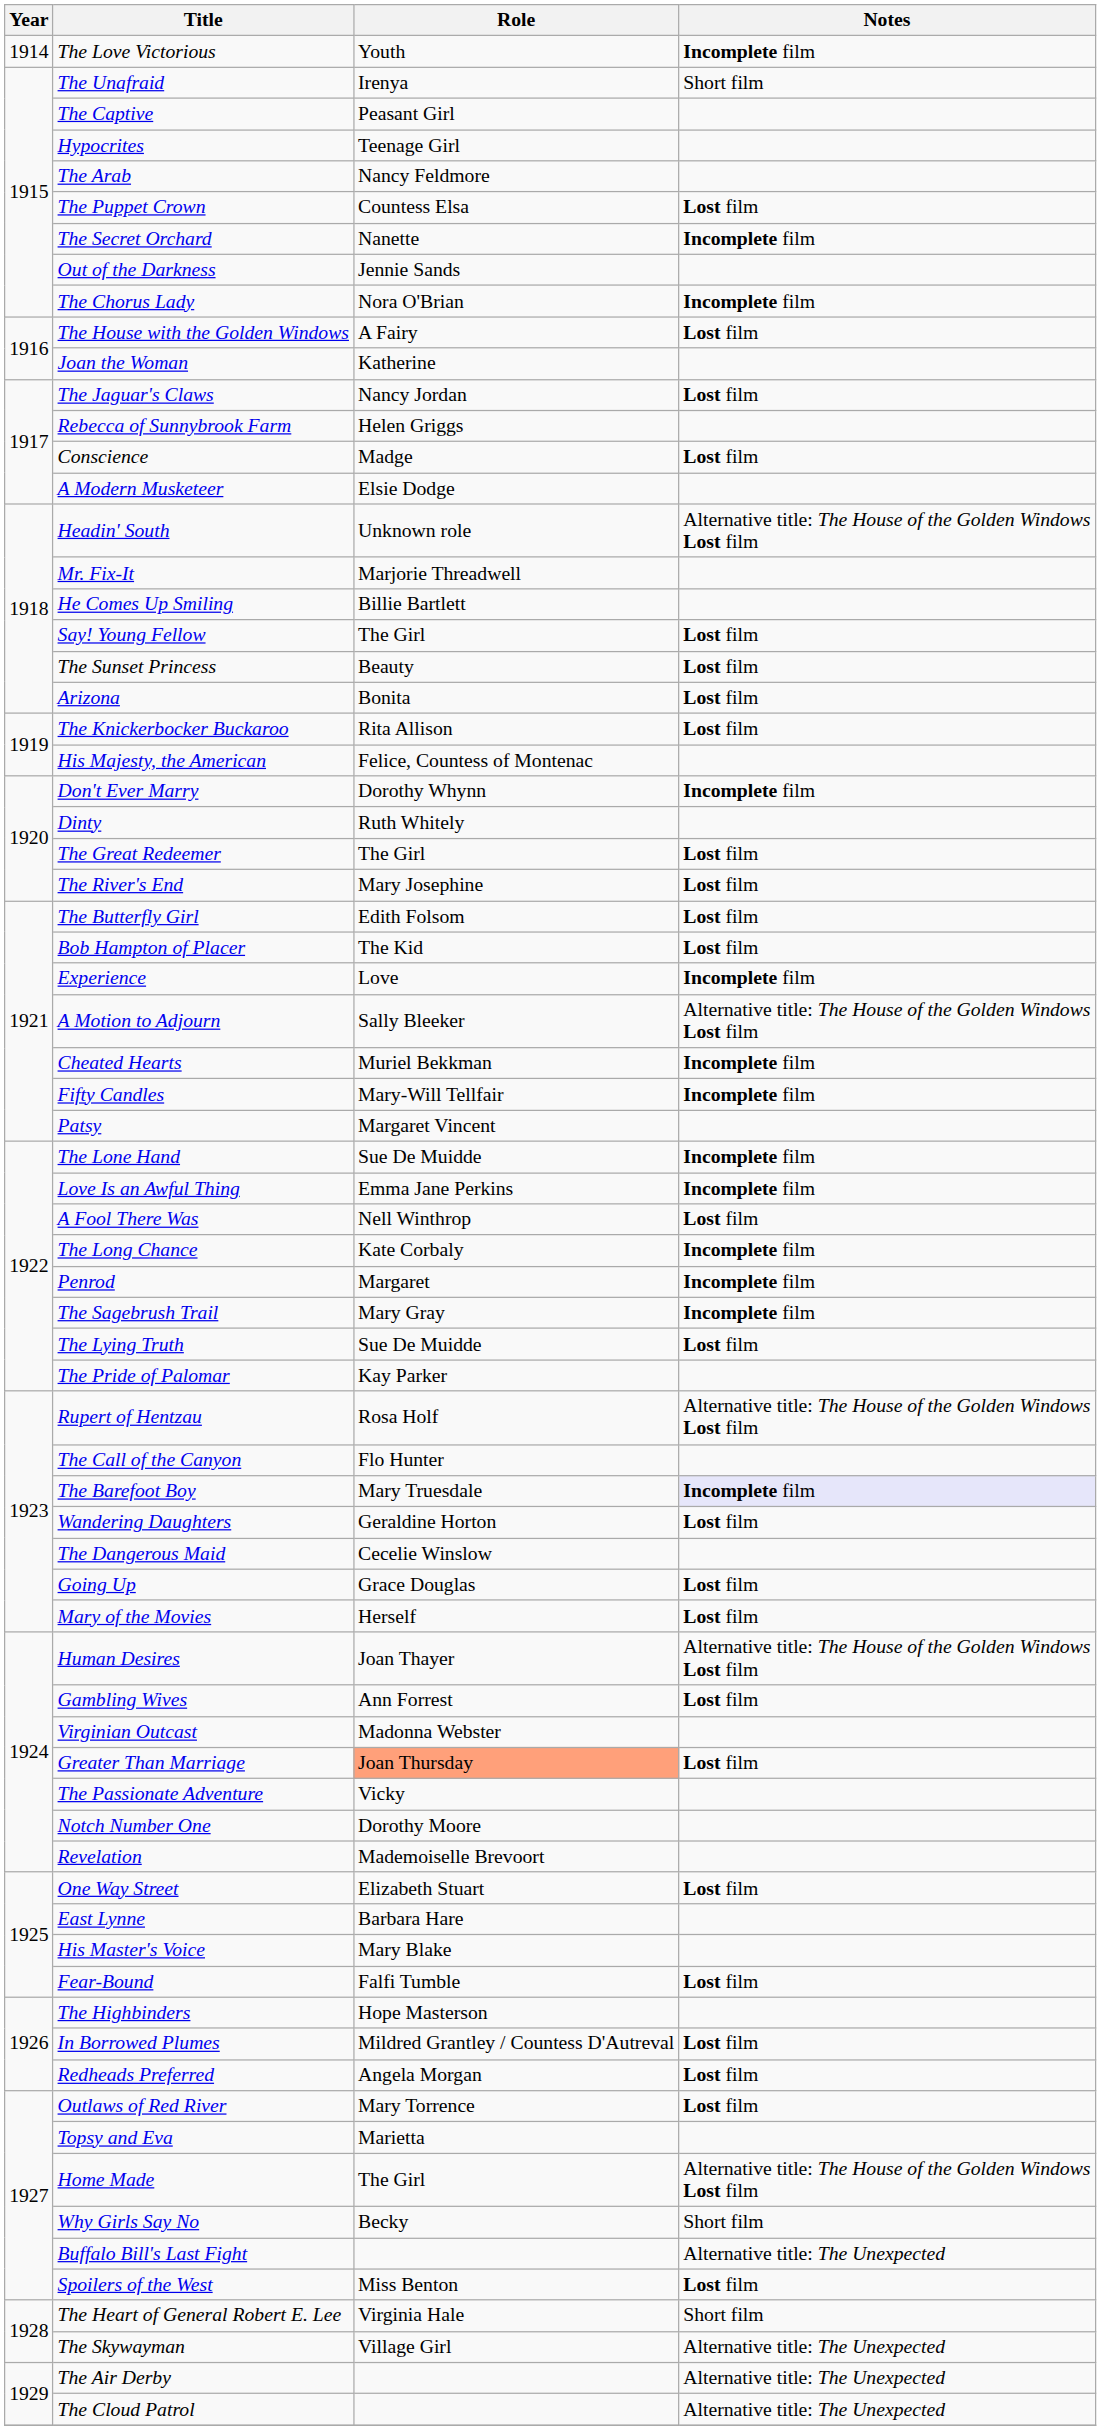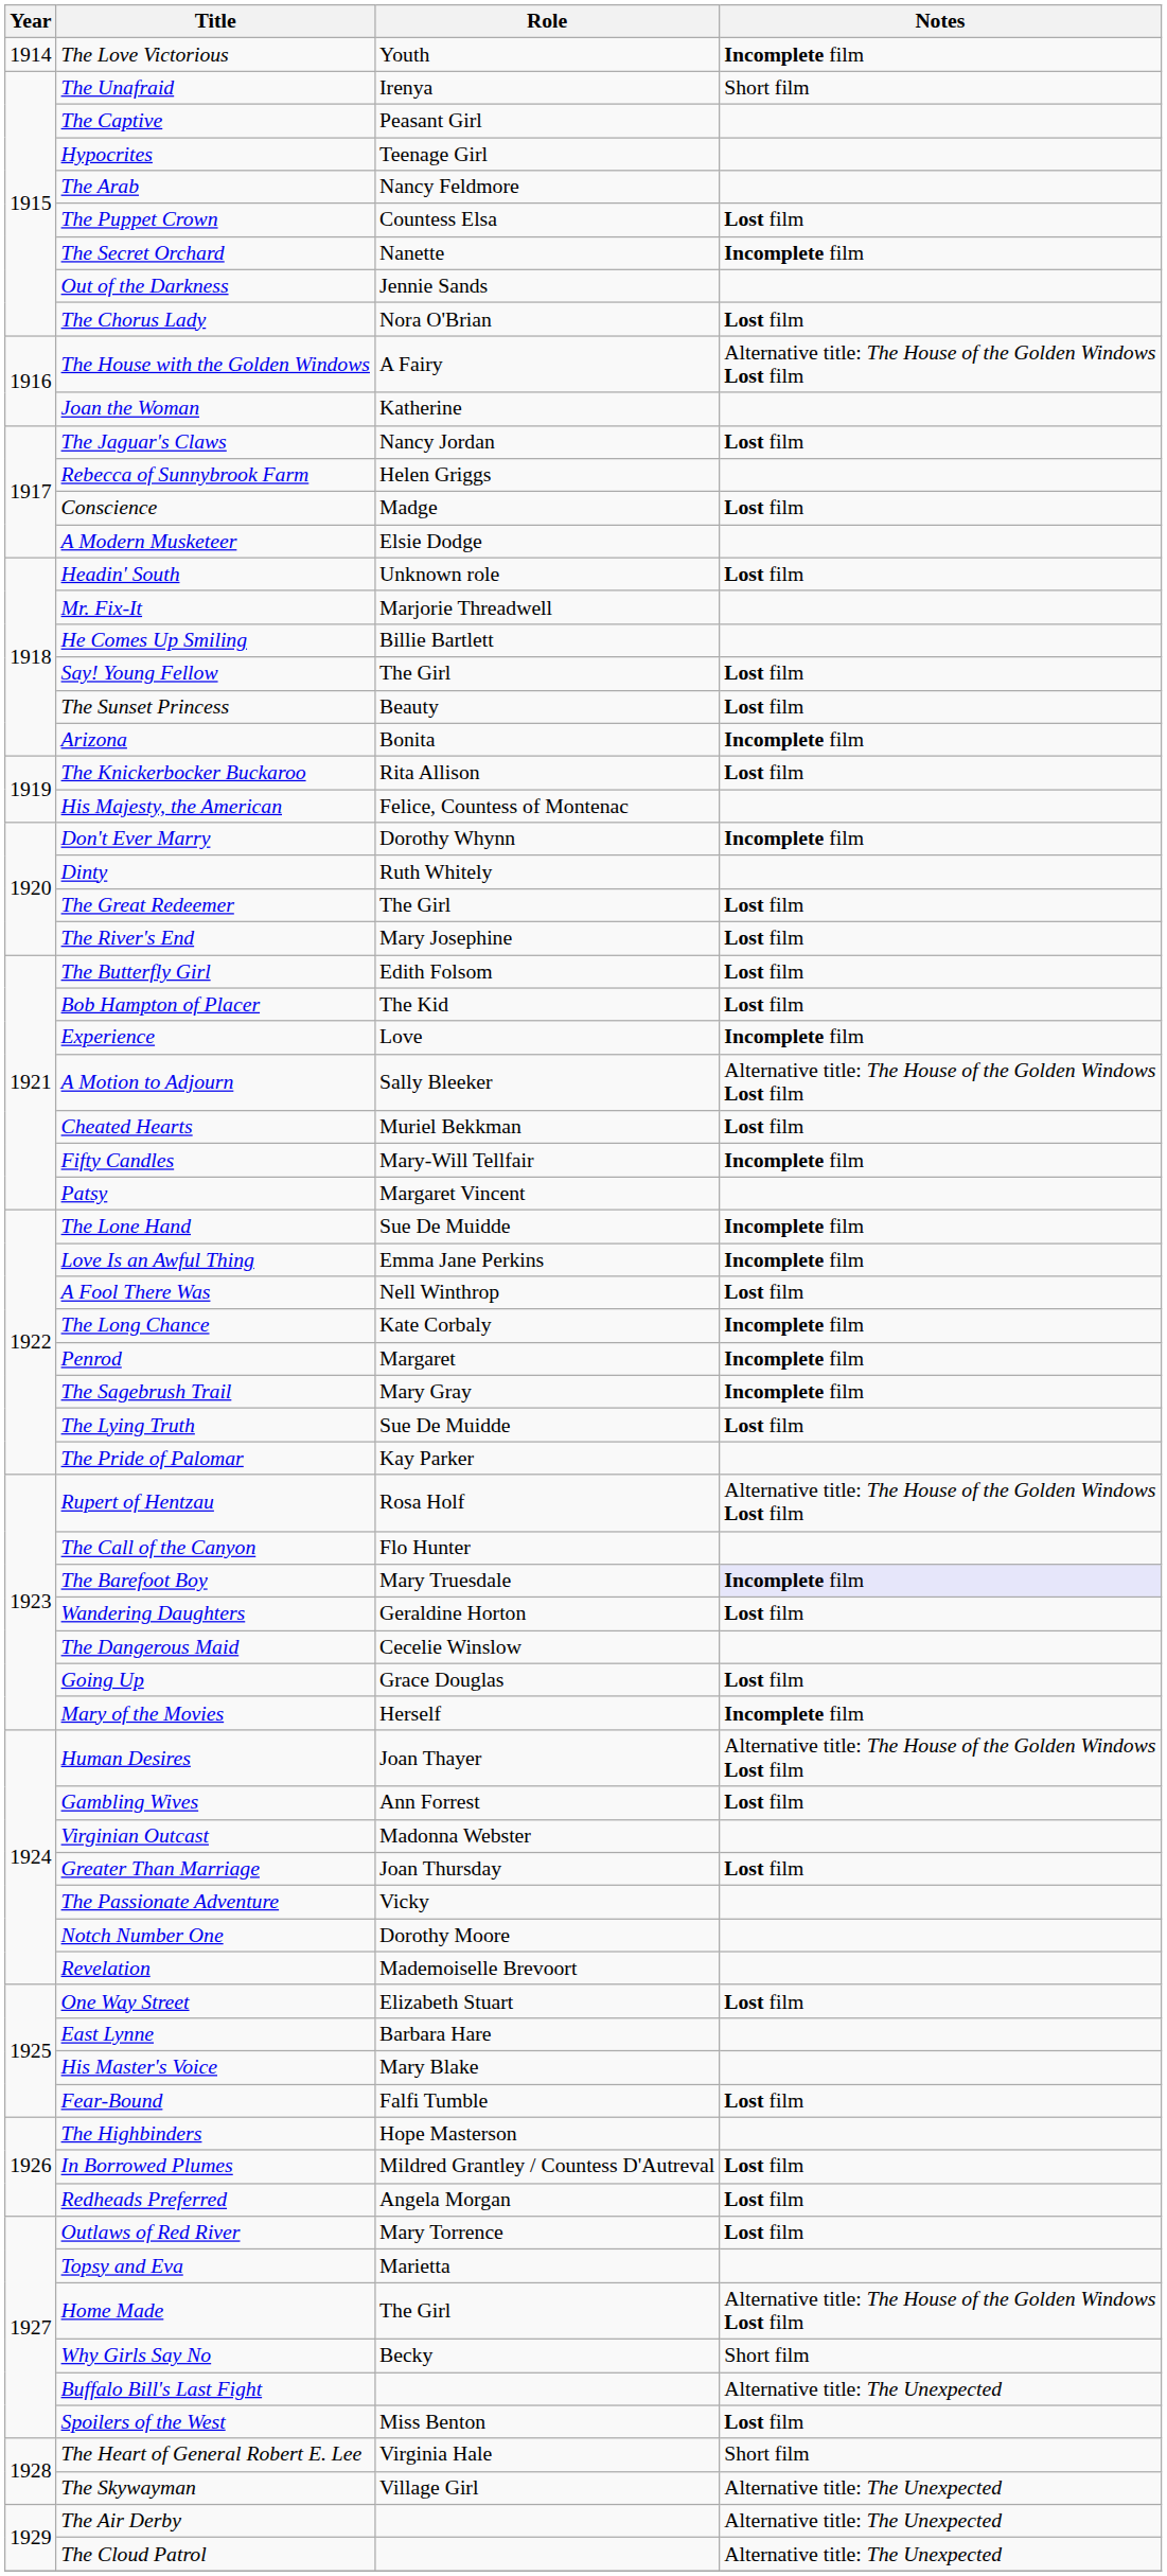 <table class="wikitable">
 <tr>
 <th>Year</th>
 <th>Title</th>
 <th>Role</th>
 <th>Notes</th>
 </tr>
 <tr>
 <td>1914</td>
 <td><em>The Love Victorious</em></td>
 <td>Youth</td>
 <td><strong>Incomplete</strong> film</td>
 </tr>
 <tr>
 <td rowspan=8>1915</td>
 <td><em><a href='#'>The Unafraid</a></em></td>
 <td>Irenya</td>
 <td>Short film</td>
 </tr>
 <tr>
 <td><em><a href='#'>The Captive</a></em></td>
 <td>Peasant Girl</td>
 <td></td>
 </tr>
 <tr>
 <td><em><a href='#'>Hypocrites</a></em></td>
 <td>Teenage Girl</td>
 <td></td>
 </tr>
 <tr>
 <td><em><a href='#'>The Arab</a></em></td>
 <td>Nancy Feldmore</td>
 <td></td>
 </tr>
 <tr>
 <td><em><a href='#'>The Puppet Crown</a></em></td>
 <td>Countess Elsa</td>
 <td><strong>Lost</strong> film</td>
 </tr>
 <tr>
 <td><em><a href='#'>The Secret Orchard</a></em></td>
 <td>Nanette</td>
 <td><strong>Incomplete</strong> film</td>
 </tr>
 <tr>
 <td><em><a href='#'>Out of the Darkness</a></em></td>
 <td>Jennie Sands</td>
 <td></td>
 </tr>
 <tr>
 <td><em><a href='#'>The Chorus Lady</a></em></td>
 <td>Nora O'Brian</td>
-<td><strong>Incomplete</strong> film</td>
+<td><strong>Lost</strong> film</td>
 </tr>
 <tr>
 <td rowspan=2>1916</td>
 <td><em><a href='#'>The House with the Golden Windows</a></em></td>
 <td>A Fairy</td>
-<td><strong>Lost</strong> film</td>
+<td>Alternative title: <em>The House of the Golden Windows</em> <br> <strong>Lost</strong> film</td>
 </tr>
 <tr>
 <td><em><a href='#'>Joan the Woman</a></em></td>
 <td>Katherine</td>
 <td></td>
 </tr>
 <tr>
 <td rowspan=4>1917</td>
 <td><em><a href='#'>The Jaguar's Claws</a></em></td>
 <td>Nancy Jordan</td>
 <td><strong>Lost</strong> film</td>
 </tr>
 <tr>
 <td><em><a href='#'>Rebecca of Sunnybrook Farm</a></em></td>
 <td>Helen Griggs</td>
 <td></td>
 </tr>
 <tr>
 <td><em>Conscience</em></td>
 <td>Madge</td>
 <td><strong>Lost</strong> film</td>
 </tr>
 <tr>
 <td><em><a href='#'>A Modern Musketeer</a></em></td>
 <td>Elsie Dodge</td>
 <td></td>
 </tr>
 <tr>
 <td rowspan=6>1918</td>
 <td><em><a href='#'>Headin' South</a></em></td>
 <td>Unknown role</td>
-<td>Alternative title: <em>The House of the Golden Windows</em> <br> <strong>Lost</strong> film</td>
+<td><strong>Lost</strong> film</td>
 </tr>
 <tr>
 <td><em><a href='#'>Mr. Fix-It</a></em></td>
 <td>Marjorie Threadwell</td>
 <td></td>
 </tr>
 <tr>
 <td><em><a href='#'>He Comes Up Smiling</a></em></td>
 <td>Billie Bartlett</td>
 <td></td>
 </tr>
 <tr>
 <td><em><a href='#'>Say! Young Fellow</a></em></td>
 <td>The Girl</td>
 <td><strong>Lost</strong> film</td>
 </tr>
 <tr>
 <td><em>The Sunset Princess</em></td>
 <td>Beauty</td>
 <td><strong>Lost</strong> film</td>
 </tr>
 <tr>
 <td><em><a href='#'>Arizona</a></em></td>
 <td>Bonita</td>
-<td><strong>Lost</strong> film</td>
+<td><strong>Incomplete</strong> film</td>
 </tr>
 <tr>
 <td rowspan=2>1919</td>
 <td><em><a href='#'>The Knickerbocker Buckaroo</a></em></td>
 <td>Rita Allison</td>
 <td><strong>Lost</strong> film</td>
 </tr>
 <tr>
 <td><em><a href='#'>His Majesty, the American</a></em></td>
 <td>Felice, Countess of Montenac</td>
 <td></td>
 </tr>
 <tr>
 <td rowspan=4>1920</td>
 <td><em><a href='#'>Don't Ever Marry</a></em></td>
 <td>Dorothy Whynn</td>
 <td><strong>Incomplete</strong> film</td>
 </tr>
 <tr>
 <td><em><a href='#'>Dinty</a></em></td>
 <td>Ruth Whitely</td>
 <td></td>
 </tr>
 <tr>
 <td><em><a href='#'>The Great Redeemer</a></em></td>
 <td>The Girl</td>
 <td><strong>Lost</strong> film</td>
 </tr>
 <tr>
 <td><em><a href='#'>The River's End</a></em></td>
 <td>Mary Josephine</td>
 <td><strong>Lost</strong> film</td>
 </tr>
 <tr>
 <td rowspan=7>1921</td>
 <td><em><a href='#'>The Butterfly Girl</a></em></td>
 <td>Edith Folsom</td>
 <td><strong>Lost</strong> film</td>
 </tr>
 <tr>
 <td><em><a href='#'>Bob Hampton of Placer</a></em></td>
 <td>The Kid</td>
 <td><strong>Lost</strong> film</td>
 </tr>
 <tr>
 <td><em><a href='#'>Experience</a></em></td>
 <td>Love</td>
 <td><strong>Incomplete</strong> film</td>
 </tr>
 <tr>
 <td><em><a href='#'>A Motion to Adjourn</a></em></td>
 <td>Sally Bleeker</td>
 <td>Alternative title: <em>The House of the Golden Windows</em> <br> <strong>Lost</strong> film</td>
 </tr>
 <tr>
 <td><em><a href='#'>Cheated Hearts</a></em></td>
 <td>Muriel Bekkman</td>
-<td><strong>Incomplete</strong> film</td>
+<td><strong>Lost</strong> film</td>
 </tr>
 <tr>
 <td><em><a href='#'>Fifty Candles</a></em></td>
 <td>Mary-Will Tellfair</td>
 <td><strong>Incomplete</strong> film</td>
 </tr>
 <tr>
 <td><em><a href='#'>Patsy</a></em></td>
 <td>Margaret Vincent</td>
 <td></td>
 </tr>
 <tr>
 <td rowspan=8>1922</td>
 <td><em><a href='#'>The Lone Hand</a></em></td>
 <td>Sue De Muidde</td>
 <td><strong>Incomplete</strong> film</td>
 </tr>
 <tr>
 <td><em><a href='#'>Love Is an Awful Thing</a></em></td>
 <td>Emma Jane Perkins</td>
 <td><strong>Incomplete</strong> film</td>
 </tr>
 <tr>
 <td><em><a href='#'>A Fool There Was</a></em></td>
 <td>Nell Winthrop</td>
 <td><strong>Lost</strong> film</td>
 </tr>
 <tr>
 <td><em><a href='#'>The Long Chance</a></em></td>
 <td>Kate Corbaly</td>
 <td><strong>Incomplete</strong> film</td>
 </tr>
 <tr>
 <td><em><a href='#'>Penrod</a></em></td>
 <td>Margaret</td>
 <td><strong>Incomplete</strong> film</td>
 </tr>
 <tr>
 <td><em><a href='#'>The Sagebrush Trail</a></em></td>
 <td>Mary Gray</td>
 <td><strong>Incomplete</strong> film</td>
 </tr>
 <tr>
 <td><em><a href='#'>The Lying Truth</a></em></td>
 <td>Sue De Muidde</td>
 <td><strong>Lost</strong> film</td>
 </tr>
 <tr>
 <td><em><a href='#'>The Pride of Palomar</a></em></td>
 <td>Kay Parker</td>
 <td></td>
 </tr>
 <tr>
 <td rowspan=7>1923</td>
 <td><em><a href='#'>Rupert of Hentzau</a></em></td>
 <td>Rosa Holf</td>
 <td>Alternative title: <em>The House of the Golden Windows</em> <br> <strong>Lost</strong> film</td>
 </tr>
 <tr>
 <td><em><a href='#'>The Call of the Canyon</a></em></td>
 <td>Flo Hunter</td>
 <td></td>
 </tr>
 <tr>
 <td><em><a href='#'>The Barefoot Boy</a></em></td>
 <td>Mary Truesdale</td>
 <td style="background: lavender;"><strong>Incomplete</strong> film</td>
 </tr>
 <tr>
 <td><em><a href='#'>Wandering Daughters</a></em></td>
 <td>Geraldine Horton</td>
 <td><strong>Lost</strong> film</td>
 </tr>
 <tr>
 <td><em><a href='#'>The Dangerous Maid</a></em></td>
 <td>Cecelie Winslow</td>
 <td></td>
 </tr>
 <tr>
 <td><em><a href='#'>Going Up</a></em></td>
 <td>Grace Douglas</td>
 <td><strong>Lost</strong> film</td>
 </tr>
 <tr>
 <td><em><a href='#'>Mary of the Movies</a></em></td>
 <td>Herself</td>
-<td><strong>Lost</strong> film</td>
+<td><strong>Incomplete</strong> film</td>
 </tr>
 <tr>
 <td rowspan=7>1924</td>
 <td><em><a href='#'>Human Desires</a></em></td>
 <td>Joan Thayer</td>
 <td>Alternative title: <em>The House of the Golden Windows</em> <br> <strong>Lost</strong> film</td>
 </tr>
 <tr>
 <td><em><a href='#'>Gambling Wives</a></em></td>
 <td>Ann Forrest</td>
 <td><strong>Lost</strong> film</td>
 </tr>
 <tr>
 <td><em><a href='#'>Virginian Outcast</a></em></td>
 <td>Madonna Webster</td>
 <td></td>
 </tr>
 <tr>
 <td><em><a href='#'>Greater Than Marriage</a></em></td>
-<td style="background: lightsalmon;">Joan Thursday</td>
+<td>Joan Thursday</td>
 <td><strong>Lost</strong> film</td>
 </tr>
 <tr>
 <td><em><a href='#'>The Passionate Adventure</a></em></td>
 <td>Vicky</td>
 <td></td>
 </tr>
 <tr>
 <td><em><a href='#'>Notch Number One</a></em></td>
 <td>Dorothy Moore</td>
 <td></td>
 </tr>
 <tr>
 <td><em><a href='#'>Revelation</a></em></td>
 <td>Mademoiselle Brevoort</td>
 <td></td>
 </tr>
 <tr>
 <td rowspan=4>1925</td>
 <td><em><a href='#'>One Way Street</a></em></td>
 <td>Elizabeth Stuart</td>
 <td><strong>Lost</strong> film</td>
 </tr>
 <tr>
 <td><em><a href='#'>East Lynne</a></em></td>
 <td>Barbara Hare</td>
 <td></td>
 </tr>
 <tr>
 <td><em><a href='#'>His Master's Voice</a></em></td>
 <td>Mary Blake</td>
 <td></td>
 </tr>
 <tr>
 <td><em><a href='#'>Fear-Bound</a></em></td>
 <td>Falfi Tumble</td>
 <td><strong>Lost</strong> film</td>
 </tr>
 <tr>
 <td rowspan=3>1926</td>
 <td><em><a href='#'>The Highbinders</a></em></td>
 <td>Hope Masterson</td>
 <td></td>
 </tr>
 <tr>
 <td><em><a href='#'>In Borrowed Plumes</a></em></td>
 <td>Mildred Grantley / Countess D'Autreval</td>
 <td><strong>Lost</strong> film</td>
 </tr>
 <tr>
 <td><em><a href='#'>Redheads Preferred</a></em></td>
 <td>Angela Morgan</td>
 <td><strong>Lost</strong> film</td>
 </tr>
 <tr>
 <td rowspan=6>1927</td>
 <td><em><a href='#'>Outlaws of Red River</a></em></td>
 <td>Mary Torrence</td>
 <td><strong>Lost</strong> film</td>
 </tr>
 <tr>
 <td><em><a href='#'>Topsy and Eva</a></em></td>
 <td>Marietta</td>
 <td></td>
 </tr>
 <tr>
 <td><em><a href='#'>Home Made</a></em></td>
 <td>The Girl</td>
 <td>Alternative title: <em>The House of the Golden Windows</em> <br> <strong>Lost</strong> film</td>
 </tr>
 <tr>
 <td><em><a href='#'>Why Girls Say No</a></em></td>
 <td>Becky</td>
 <td>Short film</td>
 </tr>
 <tr>
 <td><em><a href='#'>Buffalo Bill's Last Fight</a></em></td>
 <td></td>
 <td>Alternative title: <em>The Unexpected</em></td>
 </tr>
 <tr>
 <td><em><a href='#'>Spoilers of the West</a></em></td>
 <td>Miss Benton</td>
 <td><strong>Lost</strong> film</td>
 </tr>
 <tr>
 <td rowspan=2>1928</td>
 <td><em>The Heart of General Robert E. Lee</em></td>
 <td>Virginia Hale</td>
 <td>Short film</td>
 </tr>
 <tr>
 <td><em>The Skywayman</em></td>
 <td>Village Girl</td>
 <td>Alternative title: <em>The Unexpected</em></td>
 </tr>
 <tr>
 <td rowspan=2>1929</td>
 <td><em>The Air Derby</em></td>
 <td></td>
 <td>Alternative title: <em>The Unexpected</em></td>
 </tr>
 <tr>
 <td><em>The Cloud Patrol</em></td>
 <td></td>
 <td>Alternative title: <em>The Unexpected</em></td>
 </tr>
 <tr>
 </tr>
 </table>
